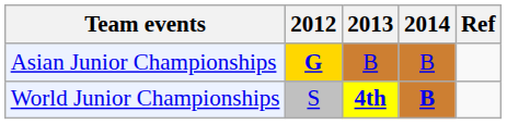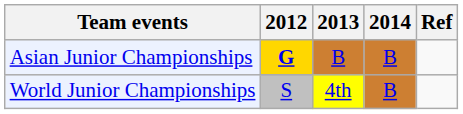 <table class="wikitable" style="font-size: 90%; text-align:center">
 <tr>
 <th>Team events</th>
 <th>2012</th>
 <th>2013</th>
 <th>2014</th>
 <th>Ref</th>
 </tr>
 <tr>
 <td bgcolor="#ECF2FF"; align="left"><a href='#'>Asian Junior Championships</a></td>
 <td bgcolor=gold><a href='#'><strong>G</strong></a></td>
 <td bgcolor=CD7F32><a href='#'>B</a></td>
 <td bgcolor=CD7F32><a href='#'>B</a></td>
 <td></td>
 </tr>
 <tr>
 <td bgcolor="#ECF2FF"; align="left"><a href='#'>World Junior Championships</a></td>
 <td bgcolor=silver><a href='#'>S</a></td>
-<td bgcolor=FFFF00><strong><a href='#'>4th</a></strong></td>
-<td bgcolor=CD7F32><strong><a href='#'>B</a></strong></td>
+<td bgcolor=FFFF00><a href='#'>4th</a></td>
+<td bgcolor=CD7F32><a href='#'>B</a></td>
 </tr>
 </table>
